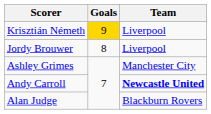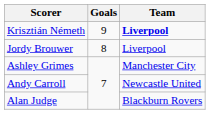 <table class="wikitable">
 <tr>
 <th>Scorer</th>
 <th>Goals</th>
 <th>Team</th>
 </tr>
 <tr>
 <td> <a href='#'>Krisztián Németh</a></td>
-<td align=center style="background: gold;">9</td>
-<td><a href='#'>Liverpool</a></td>
+<td align=center>9</td>
+<td><strong><a href='#'>Liverpool</a></strong></td>
 </tr>
 <tr>
 <td> <a href='#'>Jordy Brouwer</a></td>
 <td align=center>8</td>
 <td><a href='#'>Liverpool</a></td>
 </tr>
 <tr>
 <td> <a href='#'>Ashley Grimes</a></td>
 <td rowspan="3" align=center>7</td>
 <td><a href='#'>Manchester City</a></td>
 </tr>
 <tr>
 <td> <a href='#'>Andy Carroll</a></td>
-<td><strong><a href='#'>Newcastle United</a></strong></td>
+<td><a href='#'>Newcastle United</a></td>
 </tr>
 <tr>
 <td> <a href='#'>Alan Judge</a></td>
 <td><a href='#'>Blackburn Rovers</a></td>
 </tr>
 </table>
